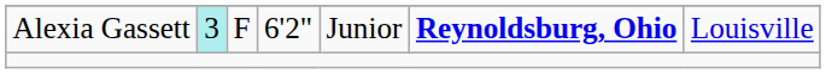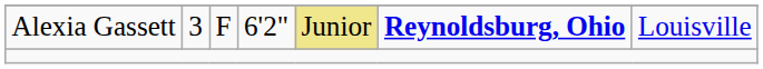 <table class="wikitable sortable" style="text-align: center">
 <tr align=center>
 </tr>
 <tr>
 <td>Alexia Gassett</td>
-<td style="background: paleturquoise;">3</td>
+<td>3</td>
 <td>F</td>
 <td>6'2"</td>
-<td>Junior</td>
+<td style="background: khaki;">Junior</td>
 <td><strong><a href='#'>Reynoldsburg, Ohio</a></strong></td>
 <td><a href='#'>Louisville</a></td>
 </tr>
 <tr>
 <td colspan=7></td>
 </tr>
 </table>
